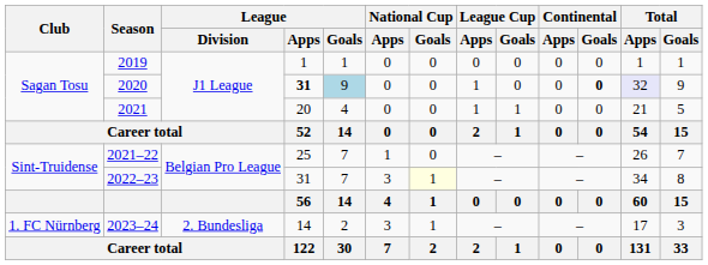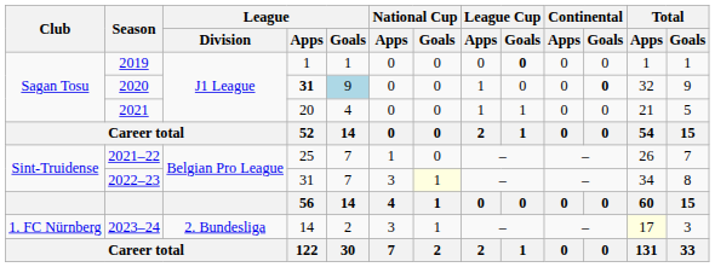 <table class="wikitable" style="text-align:center">
 <tr>
 <th rowspan="2">Club</th>
 <th rowspan="2">Season</th>
 <th colspan="3">League</th>
 <th colspan="2">National Cup</th>
 <th colspan="2">League Cup</th>
 <th colspan="2">Continental</th>
 <th colspan="2">Total</th>
 </tr>
 <tr>
 <th>Division</th>
 <th>Apps</th>
 <th>Goals</th>
 <th>Apps</th>
 <th>Goals</th>
 <th>Apps</th>
 <th>Goals</th>
 <th>Apps</th>
 <th>Goals</th>
 <th>Apps</th>
 <th>Goals</th>
 </tr>
 <tr>
 <td rowspan="3"><a href='#'>Sagan Tosu</a></td>
 <td><a href='#'>2019</a></td>
 <td rowspan="3"><a href='#'>J1 League</a></td>
 <td>1</td>
 <td>1</td>
 <td>0</td>
 <td>0</td>
 <td>0</td>
-<td>0</td>
+<td><strong>0</strong></td>
 <td>0</td>
 <td>0</td>
 <td>1</td>
 <td>1</td>
 </tr>
 <tr>
 <td><a href='#'>2020</a></td>
 <td><strong>31</strong></td>
 <td style="background: lightblue;">9</td>
 <td>0</td>
 <td>0</td>
 <td>1</td>
 <td>0</td>
 <td>0</td>
 <td><strong>0</strong></td>
-<td style="background: lavender;">32</td>
+<td>32</td>
 <td>9</td>
 </tr>
 <tr>
 <td><a href='#'>2021</a></td>
 <td>20</td>
 <td>4</td>
 <td>0</td>
 <td>0</td>
 <td>1</td>
 <td>1</td>
 <td>0</td>
 <td>0</td>
 <td>21</td>
 <td>5</td>
 </tr>
 <tr>
 <th colspan="3">Career total</th>
 <th>52</th>
 <th>14</th>
 <th>0</th>
 <th>0</th>
 <th>2</th>
 <th>1</th>
 <th>0</th>
 <th>0</th>
 <th>54</th>
 <th>15</th>
 </tr>
 <tr>
 <td rowspan="2"><a href='#'>Sint-Truidense</a></td>
 <td><a href='#'>2021–22</a></td>
 <td rowspan="2"><a href='#'>Belgian Pro League</a></td>
 <td>25</td>
 <td>7</td>
 <td>1</td>
 <td>0</td>
 <td colspan="2">–</td>
 <td colspan="2">–</td>
 <td>26</td>
 <td>7</td>
 </tr>
 <tr>
 <td><a href='#'>2022–23</a></td>
 <td>31</td>
 <td>7</td>
 <td>3</td>
 <td style="background: lightyellow;">1</td>
 <td colspan="2">–</td>
 <td colspan="2">–</td>
 <td>34</td>
 <td>8</td>
 </tr>
 <tr>
 <th></th>
 <th></th>
 <th></th>
 <th>56</th>
 <th>14</th>
 <th>4</th>
 <th>1</th>
 <th>0</th>
 <th>0</th>
 <th>0</th>
 <th>0</th>
 <th>60</th>
 <th>15</th>
 </tr>
 <tr>
 <td><a href='#'>1. FC Nürnberg</a></td>
 <td><a href='#'>2023–24</a></td>
 <td><a href='#'>2. Bundesliga</a></td>
 <td>14</td>
 <td>2</td>
 <td>3</td>
 <td>1</td>
 <td colspan="2">–</td>
 <td colspan="2">–</td>
-<td>17</td>
+<td style="background: lightyellow;">17</td>
 <td>3</td>
 </tr>
 <tr>
 <th colspan="3">Career total</th>
 <th>122</th>
 <th>30</th>
 <th>7</th>
 <th>2</th>
 <th>2</th>
 <th>1</th>
 <th>0</th>
 <th>0</th>
 <th>131</th>
 <th>33</th>
 </tr>
 </table>
